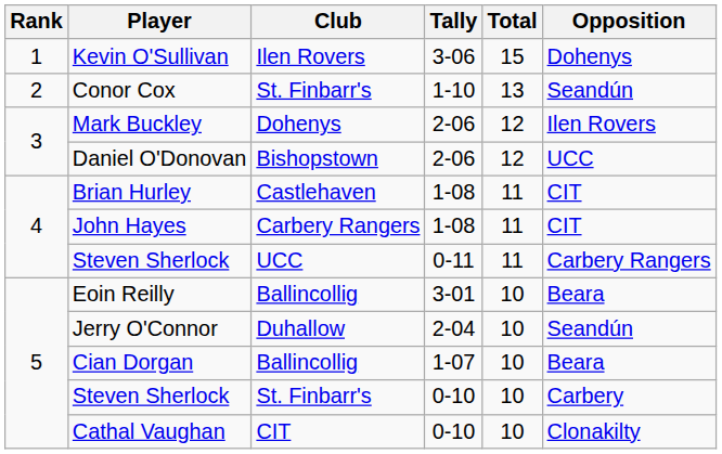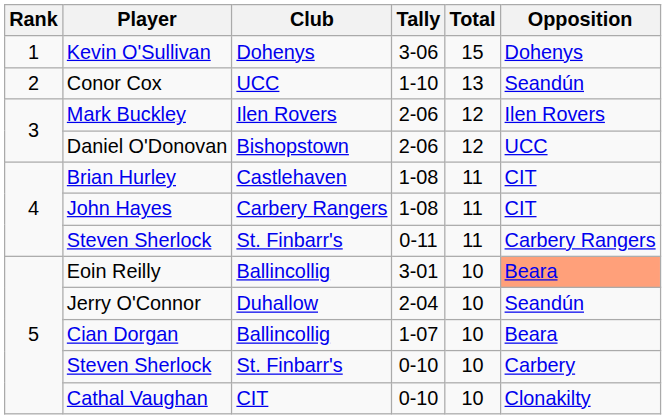 <table class="wikitable">
 <tr>
 <th>Rank</th>
 <th>Player</th>
 <th>Club</th>
 <th>Tally</th>
 <th>Total</th>
 <th>Opposition</th>
 </tr>
 <tr>
 <td rowspan="1" style="text-align:center;">1</td>
 <td><a href='#'>Kevin O'Sullivan</a></td>
-<td><a href='#'>Ilen Rovers</a></td>
+<td><a href='#'>Dohenys</a></td>
 <td align=center>3-06</td>
 <td align=center>15</td>
 <td><a href='#'>Dohenys</a></td>
 </tr>
 <tr>
 <td rowspan="1" style="text-align:center;">2</td>
 <td>Conor Cox</td>
-<td><a href='#'>St. Finbarr's</a></td>
+<td><a href='#'>UCC</a></td>
 <td align=center>1-10</td>
 <td align=center>13</td>
 <td><a href='#'>Seandún</a></td>
 </tr>
 <tr>
 <td rowspan="2" style="text-align:center;">3</td>
 <td><a href='#'>Mark Buckley</a></td>
-<td><a href='#'>Dohenys</a></td>
+<td><a href='#'>Ilen Rovers</a></td>
 <td align=center>2-06</td>
 <td align=center>12</td>
 <td><a href='#'>Ilen Rovers</a></td>
 </tr>
 <tr>
 <td>Daniel O'Donovan</td>
 <td><a href='#'>Bishopstown</a></td>
 <td align=center>2-06</td>
 <td align=center>12</td>
 <td><a href='#'>UCC</a></td>
 </tr>
 <tr>
 <td rowspan="3" style="text-align:center;">4</td>
 <td><a href='#'>Brian Hurley</a></td>
 <td><a href='#'>Castlehaven</a></td>
 <td align=center>1-08</td>
 <td align=center>11</td>
 <td><a href='#'>CIT</a></td>
 </tr>
 <tr>
 <td><a href='#'>John Hayes</a></td>
 <td><a href='#'>Carbery Rangers</a></td>
 <td align=center>1-08</td>
 <td align=center>11</td>
 <td><a href='#'>CIT</a></td>
 </tr>
 <tr>
 <td><a href='#'>Steven Sherlock</a></td>
-<td><a href='#'>UCC</a></td>
+<td><a href='#'>St. Finbarr's</a></td>
 <td align=center>0-11</td>
 <td align=center>11</td>
 <td><a href='#'>Carbery Rangers</a></td>
 </tr>
 <tr>
 <td rowspan="5" style="text-align:center;">5</td>
 <td>Eoin Reilly</td>
 <td><a href='#'>Ballincollig</a></td>
 <td align=center>3-01</td>
 <td align=center>10</td>
-<td><a href='#'>Beara</a></td>
+<td style="background: lightsalmon;"><a href='#'>Beara</a></td>
 </tr>
 <tr>
 <td>Jerry O'Connor</td>
 <td><a href='#'>Duhallow</a></td>
 <td align=center>2-04</td>
 <td align=center>10</td>
 <td><a href='#'>Seandún</a></td>
 </tr>
 <tr>
 <td><a href='#'>Cian Dorgan</a></td>
 <td><a href='#'>Ballincollig</a></td>
 <td align=center>1-07</td>
 <td align=center>10</td>
 <td><a href='#'>Beara</a></td>
 </tr>
 <tr>
 <td><a href='#'>Steven Sherlock</a></td>
 <td><a href='#'>St. Finbarr's</a></td>
 <td align=center>0-10</td>
 <td align=center>10</td>
 <td><a href='#'>Carbery</a></td>
 </tr>
 <tr>
 <td><a href='#'>Cathal Vaughan</a></td>
 <td><a href='#'>CIT</a></td>
 <td align=center>0-10</td>
 <td align=center>10</td>
 <td><a href='#'>Clonakilty</a></td>
 </tr>
 </table>
